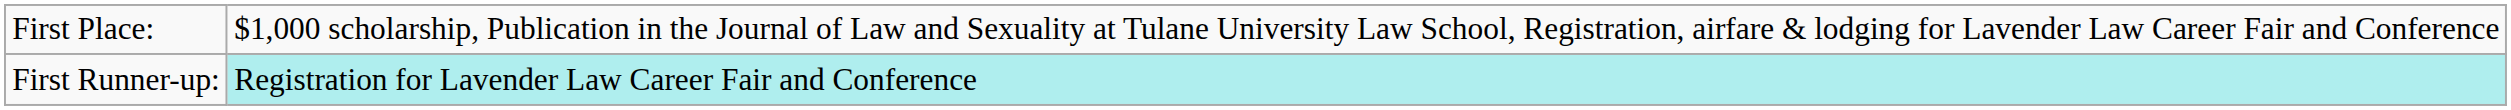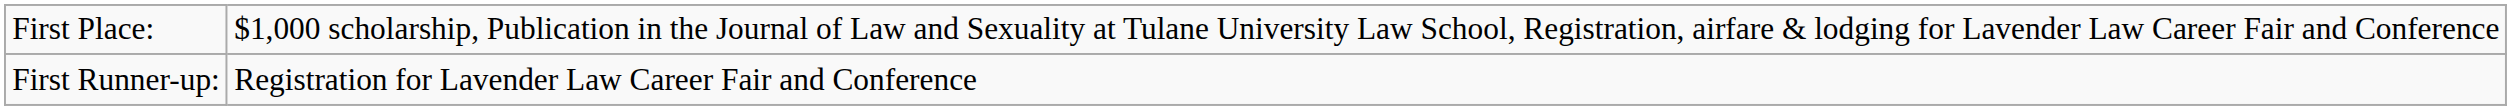 <table class="wikitable">
 <tr>
 <td>First Place:</td>
 <td>$1,000 scholarship, Publication in the Journal of Law and Sexuality at Tulane University Law School, Registration, airfare & lodging for Lavender Law Career Fair and Conference</td>
 </tr>
 <tr>
 <td>First Runner-up:</td>
-<td style="background: paleturquoise;">Registration for Lavender Law Career Fair and Conference</td>
+<td>Registration for Lavender Law Career Fair and Conference</td>
 </tr>
 </table>
